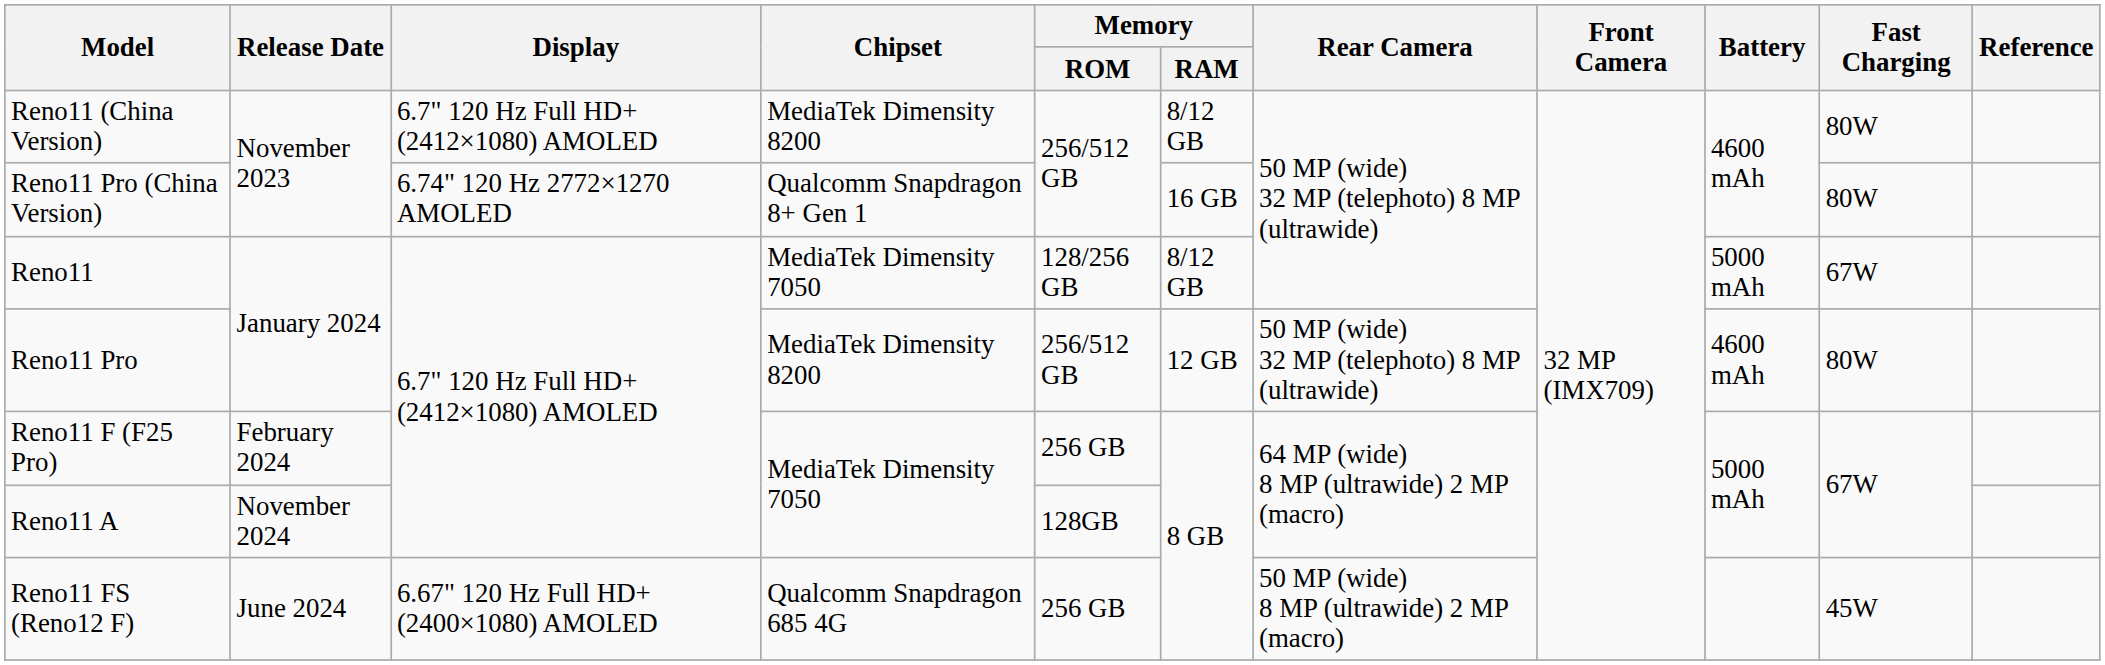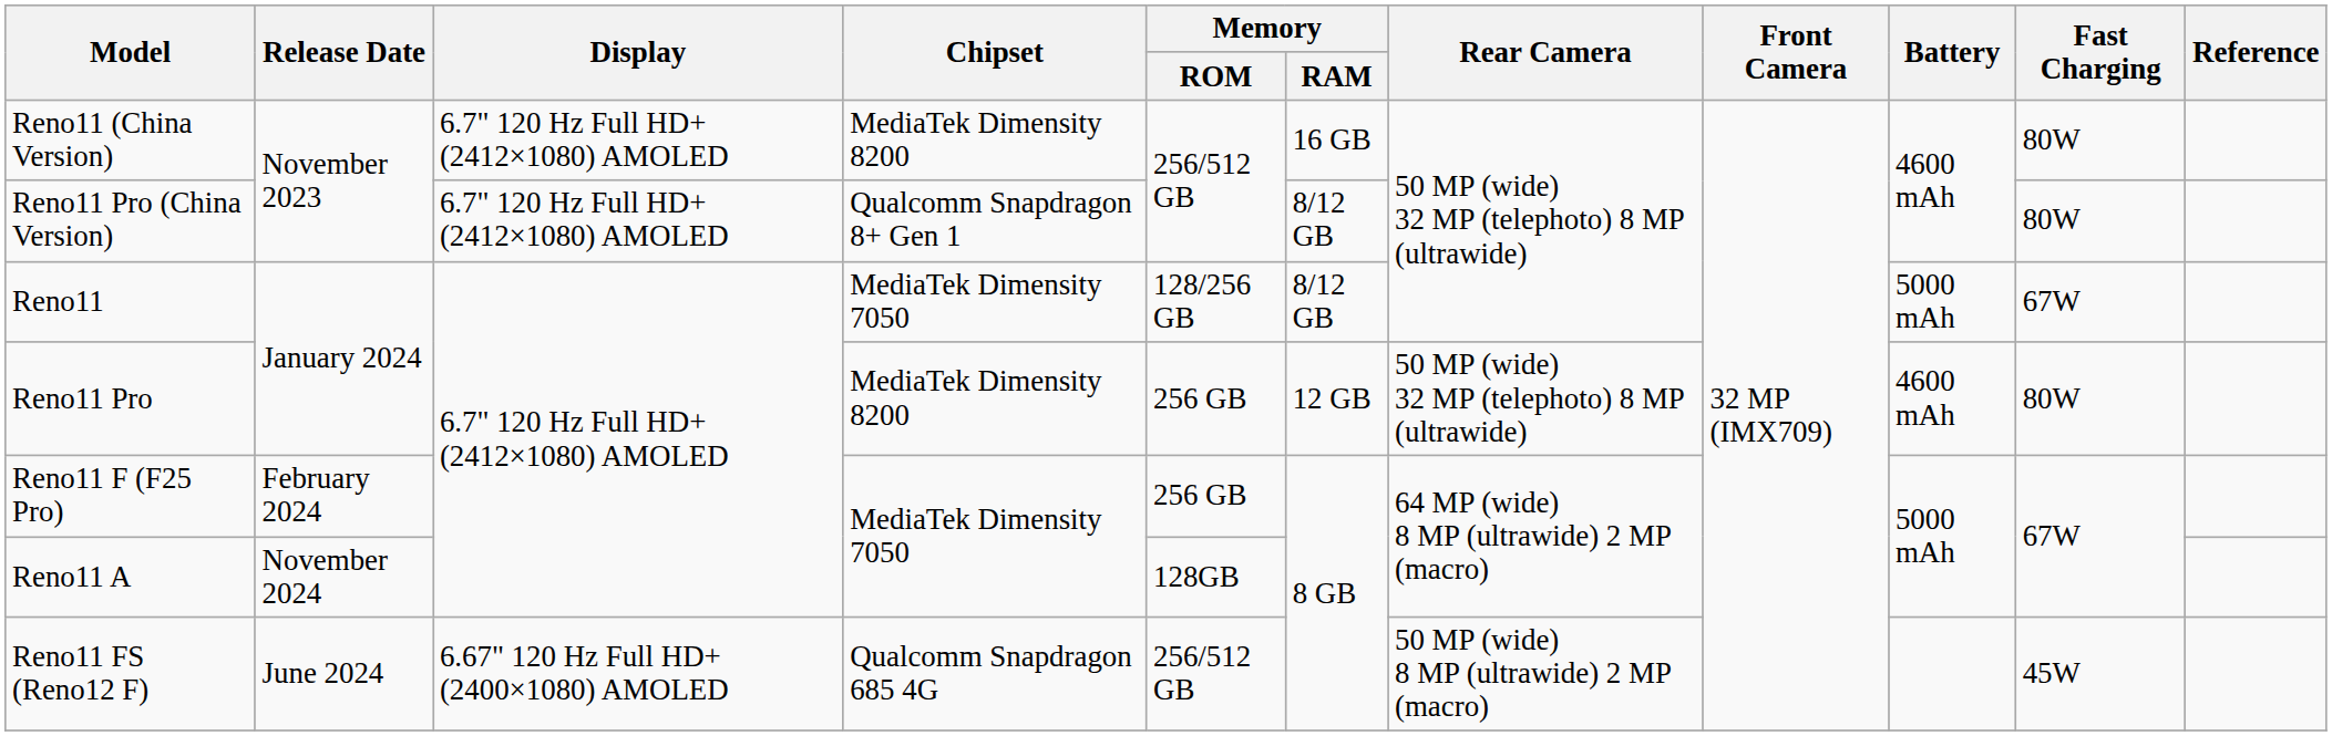 <table class="wikitable sortable">
 <tr>
 <th rowspan="2">Model</th>
 <th rowspan="2">Release Date</th>
 <th rowspan="2">Display</th>
 <th rowspan="2">Chipset</th>
 <th colspan="2">Memory</th>
 <th rowspan="2">Rear Camera</th>
 <th rowspan="2">Front Camera</th>
 <th rowspan="2">Battery</th>
 <th rowspan="2">Fast Charging</th>
 <th rowspan="2">Reference</th>
 </tr>
 <tr>
 <th>ROM</th>
 <th>RAM</th>
 </tr>
 <tr>
 <td>Reno11 (China Version)</td>
 <td rowspan="2">November 2023</td>
 <td>6.7" 120 Hz Full HD+ (2412×1080) AMOLED</td>
 <td>MediaTek Dimensity 8200</td>
 <td rowspan="2">256/512 GB</td>
-<td>8/12 GB</td>
+<td>16 GB</td>
 <td rowspan="3">50 MP (wide)<br>32 MP (telephoto) 8 MP (ultrawide)</td>
 <td rowspan="7">32 MP (IMX709)</td>
 <td rowspan="2">4600 mAh</td>
 <td>80W</td>
 <td></td>
 </tr>
 <tr>
 <td>Reno11 Pro (China Version)</td>
-<td>6.74" 120 Hz 2772×1270 AMOLED</td>
+<td>6.7" 120 Hz Full HD+ (2412×1080) AMOLED</td>
 <td>Qualcomm Snapdragon 8+ Gen 1</td>
-<td>16 GB</td>
+<td>8/12 GB</td>
 <td>80W</td>
 </tr>
 <tr>
 <td>Reno11</td>
 <td rowspan="2">January 2024</td>
 <td rowspan="4">6.7" 120 Hz Full HD+ (2412×1080) AMOLED</td>
 <td>MediaTek Dimensity 7050</td>
 <td>128/256 GB</td>
 <td>8/12 GB</td>
 <td>5000 mAh</td>
 <td>67W</td>
 <td></td>
 </tr>
 <tr>
 <td>Reno11 Pro</td>
 <td>MediaTek Dimensity 8200</td>
-<td>256/512 GB</td>
+<td>256 GB</td>
 <td>12 GB</td>
 <td>50 MP (wide)<br>32 MP (telephoto) 8 MP (ultrawide)</td>
 <td>4600 mAh</td>
 <td>80W</td>
 <td></td>
 </tr>
 <tr>
 <td>Reno11 F (F25 Pro)</td>
 <td>February 2024</td>
 <td rowspan="2">MediaTek Dimensity 7050</td>
 <td>256 GB</td>
 <td rowspan="3">8 GB</td>
 <td rowspan="2">64 MP (wide)<br>8 MP (ultrawide) 2 MP (macro)</td>
 <td rowspan="2">5000 mAh</td>
 <td rowspan="2">67W</td>
 <td></td>
 </tr>
 <tr>
 <td>Reno11 A</td>
 <td>November 2024</td>
 <td>128GB</td>
 <td></td>
 </tr>
 <tr>
 <td>Reno11 FS (Reno12 F)</td>
 <td>June 2024</td>
 <td>6.67" 120 Hz Full HD+ (2400×1080) AMOLED</td>
 <td>Qualcomm Snapdragon 685 4G</td>
-<td>256 GB</td>
+<td>256/512 GB</td>
 <td>50 MP (wide)<br>8 MP (ultrawide) 2 MP (macro)</td>
 <td></td>
 <td>45W</td>
 <td></td>
 </tr>
 </table>
